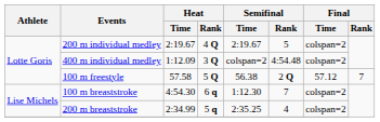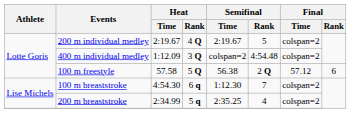 <table class=wikitable style="font-size:90%">
 <tr>
 <th rowspan="2">Athlete</th>
 <th rowspan="2">Events</th>
 <th colspan="2">Heat</th>
 <th colspan="2">Semifinal</th>
 <th colspan="2">Final</th>
 </tr>
 <tr style="font-size:95%">
 <th>Time</th>
 <th>Rank</th>
 <th>Time</th>
 <th>Rank</th>
 <th>Time</th>
 <th>Rank</th>
 </tr>
 <tr align=center>
 <td align=left rowspan=3><a href='#'>Lotte Goris</a></td>
 <td align=left><a href='#'>200 m individual medley</a></td>
 <td>2:19.67</td>
 <td>4 <strong>Q</strong></td>
 <td>2:19.67</td>
 <td>5</td>
 <td>colspan=2 </td>
 </tr>
 <tr align=center>
 <td align=left><a href='#'>400 m individual medley</a></td>
 <td>1:12.09</td>
 <td>3 <strong>Q</strong></td>
 <td>colspan=2 </td>
 <td>4:54.48</td>
 <td>colspan=2 </td>
 </tr>
 <tr align=center>
 <td align=left><a href='#'>100 m freestyle</a></td>
 <td>57.58</td>
 <td>5 <strong>Q</strong></td>
 <td>56.38</td>
 <td>2 <strong>Q</strong></td>
 <td>57.12</td>
-<td>7</td>
+<td>6</td>
 </tr>
 <tr align=center>
 <td align=left rowspan=2><a href='#'>Lise Michels</a></td>
 <td align=left><a href='#'>100 m breaststroke</a></td>
 <td>4:54.30</td>
 <td>6 <strong>q</strong></td>
 <td>1:12.30</td>
 <td>7</td>
 <td>colspan=2 </td>
 </tr>
 <tr align=center>
 <td align=left><a href='#'>200 m breaststroke</a></td>
 <td>2:34.99</td>
 <td>5 <strong>q</strong></td>
 <td>2:35.25</td>
 <td>4</td>
 <td>colspan=2 </td>
 </tr>
 <tr align=center>
 </tr>
 </table>
